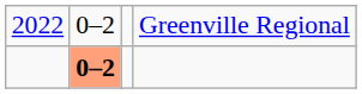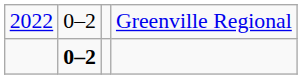 <table class="wikitable">
 <tr>
 <td><a href='#'>2022</a></td>
 <td>0–2</td>
 <td></td>
 <td><a href='#'>Greenville Regional</a></td>
 </tr>
 <tr>
 <td></td>
-<td style="background: lightsalmon;"><strong>0–2</strong></td>
+<td><strong>0–2</strong></td>
 <td><strong></strong></td>
 <td></td>
 </tr>
 </table>
